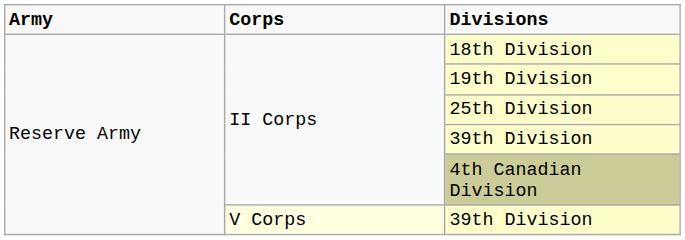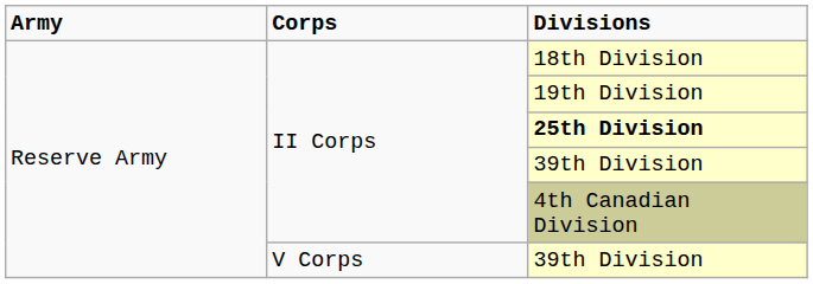 <table class="wikitable">
 <tr>
 <td width="150pt"><strong>Army</strong></td>
 <td width="150pt"><strong>Corps</strong></td>
 <td width="160pt"><strong>Divisions</strong></td>
 </tr>
 <tr>
 <td rowspan="6">Reserve Army</td>
 <td rowspan="5">II Corps</td>
 <td style="background:#FFFFCC;">18th Division</td>
 </tr>
 <tr>
 <td style="background:#FFFFCC;">19th Division</td>
 </tr>
 <tr>
-<td style="background:#FFFFCC;">25th Division</td>
+<td style="background:#FFFFCC;"><strong>25th Division</strong></td>
 </tr>
 <tr>
 <td style="background:#FFFFCC;">39th Division</td>
 </tr>
 <tr>
 <td style="background:#CCCC99;">4th Canadian Division</td>
 </tr>
 <tr>
-<td style="background: lightyellow;">V Corps</td>
+<td>V Corps</td>
 <td style="background:#FFFFCC;">39th Division</td>
 </tr>
 </table>
